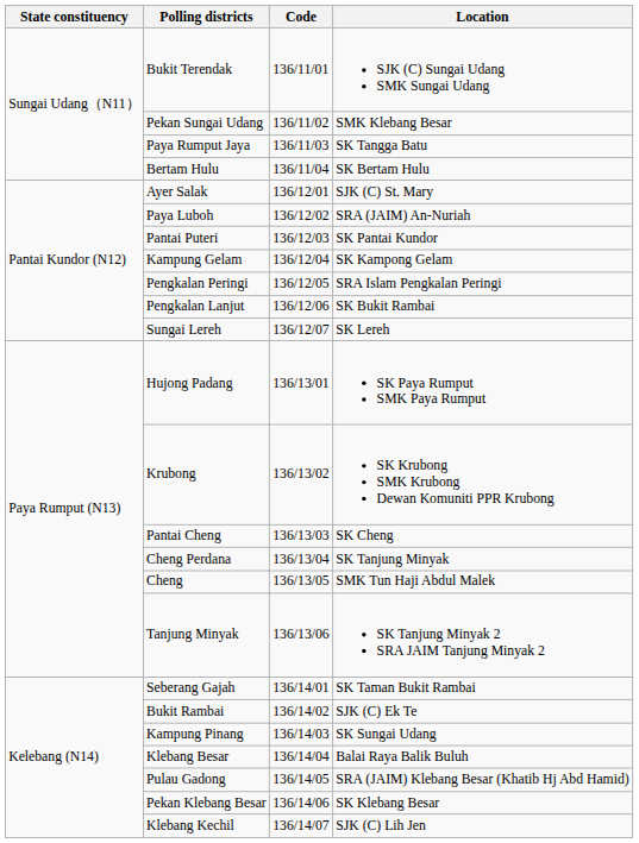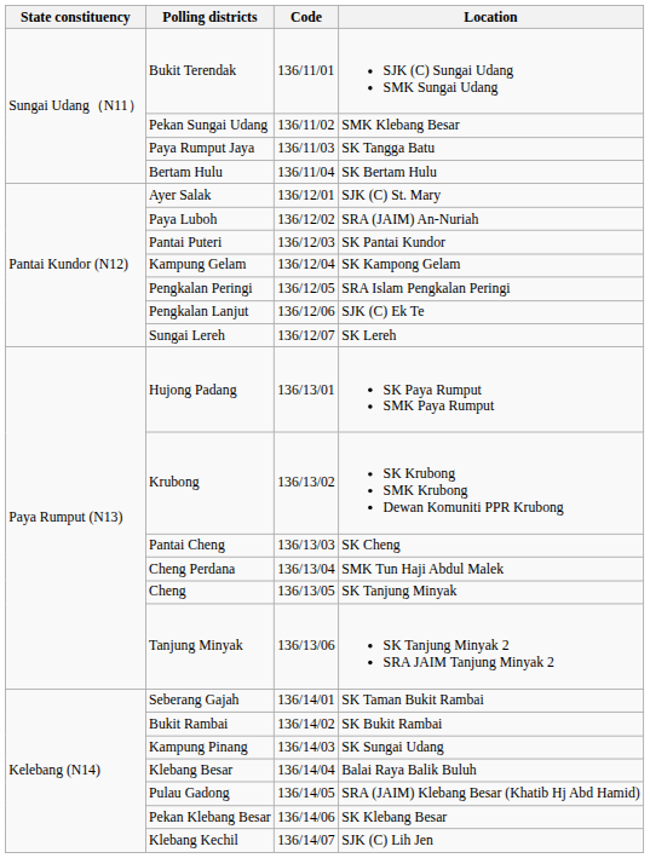 <table class="wikitable sortable mw-collapsible" style="white-space:nowrap;font-size:85%">
 <tr>
 <th>State constituency</th>
 <th>Polling districts</th>
 <th>Code</th>
 <th>Location</th>
 </tr>
 <tr>
 <td rowspan="4">Sungai Udang（N11）</td>
 <td>Bukit Terendak</td>
 <td>136/11/01</td>
 <td><br><ul><li>SJK (C) Sungai Udang</li><li>SMK Sungai Udang</li></ul></td>
 </tr>
 <tr>
 <td>Pekan Sungai Udang</td>
 <td>136/11/02</td>
 <td>SMK Klebang Besar</td>
 </tr>
 <tr>
 <td>Paya Rumput Jaya</td>
 <td>136/11/03</td>
 <td>SK Tangga Batu</td>
 </tr>
 <tr>
 <td>Bertam Hulu</td>
 <td>136/11/04</td>
 <td>SK Bertam Hulu</td>
 </tr>
 <tr>
 <td rowspan="7">Pantai Kundor (N12)</td>
 <td>Ayer Salak</td>
 <td>136/12/01</td>
 <td>SJK (C) St. Mary</td>
 </tr>
 <tr>
 <td>Paya Luboh</td>
 <td>136/12/02</td>
 <td>SRA (JAIM) An-Nuriah</td>
 </tr>
 <tr>
 <td>Pantai Puteri</td>
 <td>136/12/03</td>
 <td>SK Pantai Kundor</td>
 </tr>
 <tr>
 <td>Kampung Gelam</td>
 <td>136/12/04</td>
 <td>SK Kampong Gelam</td>
 </tr>
 <tr>
 <td>Pengkalan Peringi</td>
 <td>136/12/05</td>
 <td>SRA Islam Pengkalan Peringi</td>
 </tr>
 <tr>
 <td>Pengkalan Lanjut</td>
 <td>136/12/06</td>
-<td>SK Bukit Rambai</td>
+<td>SJK (C) Ek Te</td>
 </tr>
 <tr>
 <td>Sungai Lereh</td>
 <td>136/12/07</td>
 <td>SK Lereh</td>
 </tr>
 <tr>
 <td rowspan="6">Paya Rumput (N13)</td>
 <td>Hujong Padang</td>
 <td>136/13/01</td>
 <td><br><ul><li>SK Paya Rumput</li><li>SMK Paya Rumput</li></ul></td>
 </tr>
 <tr>
 <td>Krubong</td>
 <td>136/13/02</td>
 <td><br><ul><li>SK Krubong</li><li>SMK Krubong</li><li>Dewan Komuniti PPR Krubong</li></ul></td>
 </tr>
 <tr>
 <td>Pantai Cheng</td>
 <td>136/13/03</td>
 <td>SK Cheng</td>
 </tr>
 <tr>
 <td>Cheng Perdana</td>
 <td>136/13/04</td>
-<td>SK Tanjung Minyak</td>
+<td>SMK Tun Haji Abdul Malek</td>
 </tr>
 <tr>
 <td>Cheng</td>
 <td>136/13/05</td>
-<td>SMK Tun Haji Abdul Malek</td>
+<td>SK Tanjung Minyak</td>
 </tr>
 <tr>
 <td>Tanjung Minyak</td>
 <td>136/13/06</td>
 <td><br><ul><li>SK Tanjung Minyak 2</li><li>SRA JAIM Tanjung Minyak 2</li></ul></td>
 </tr>
 <tr>
 <td rowspan="7">Kelebang (N14)</td>
 <td>Seberang Gajah</td>
 <td>136/14/01</td>
 <td>SK Taman Bukit Rambai</td>
 </tr>
 <tr>
 <td>Bukit Rambai</td>
 <td>136/14/02</td>
-<td>SJK (C) Ek Te</td>
+<td>SK Bukit Rambai</td>
 </tr>
 <tr>
 <td>Kampung Pinang</td>
 <td>136/14/03</td>
 <td>SK Sungai Udang</td>
 </tr>
 <tr>
 <td>Klebang Besar</td>
 <td>136/14/04</td>
 <td>Balai Raya Balik Buluh</td>
 </tr>
 <tr>
 <td>Pulau Gadong</td>
 <td>136/14/05</td>
 <td>SRA (JAIM) Klebang Besar (Khatib Hj Abd Hamid)</td>
 </tr>
 <tr>
 <td>Pekan Klebang Besar</td>
 <td>136/14/06</td>
 <td>SK Klebang Besar</td>
 </tr>
 <tr>
 <td>Klebang Kechil</td>
 <td>136/14/07</td>
 <td>SJK (C) Lih Jen</td>
 </tr>
 </table>
